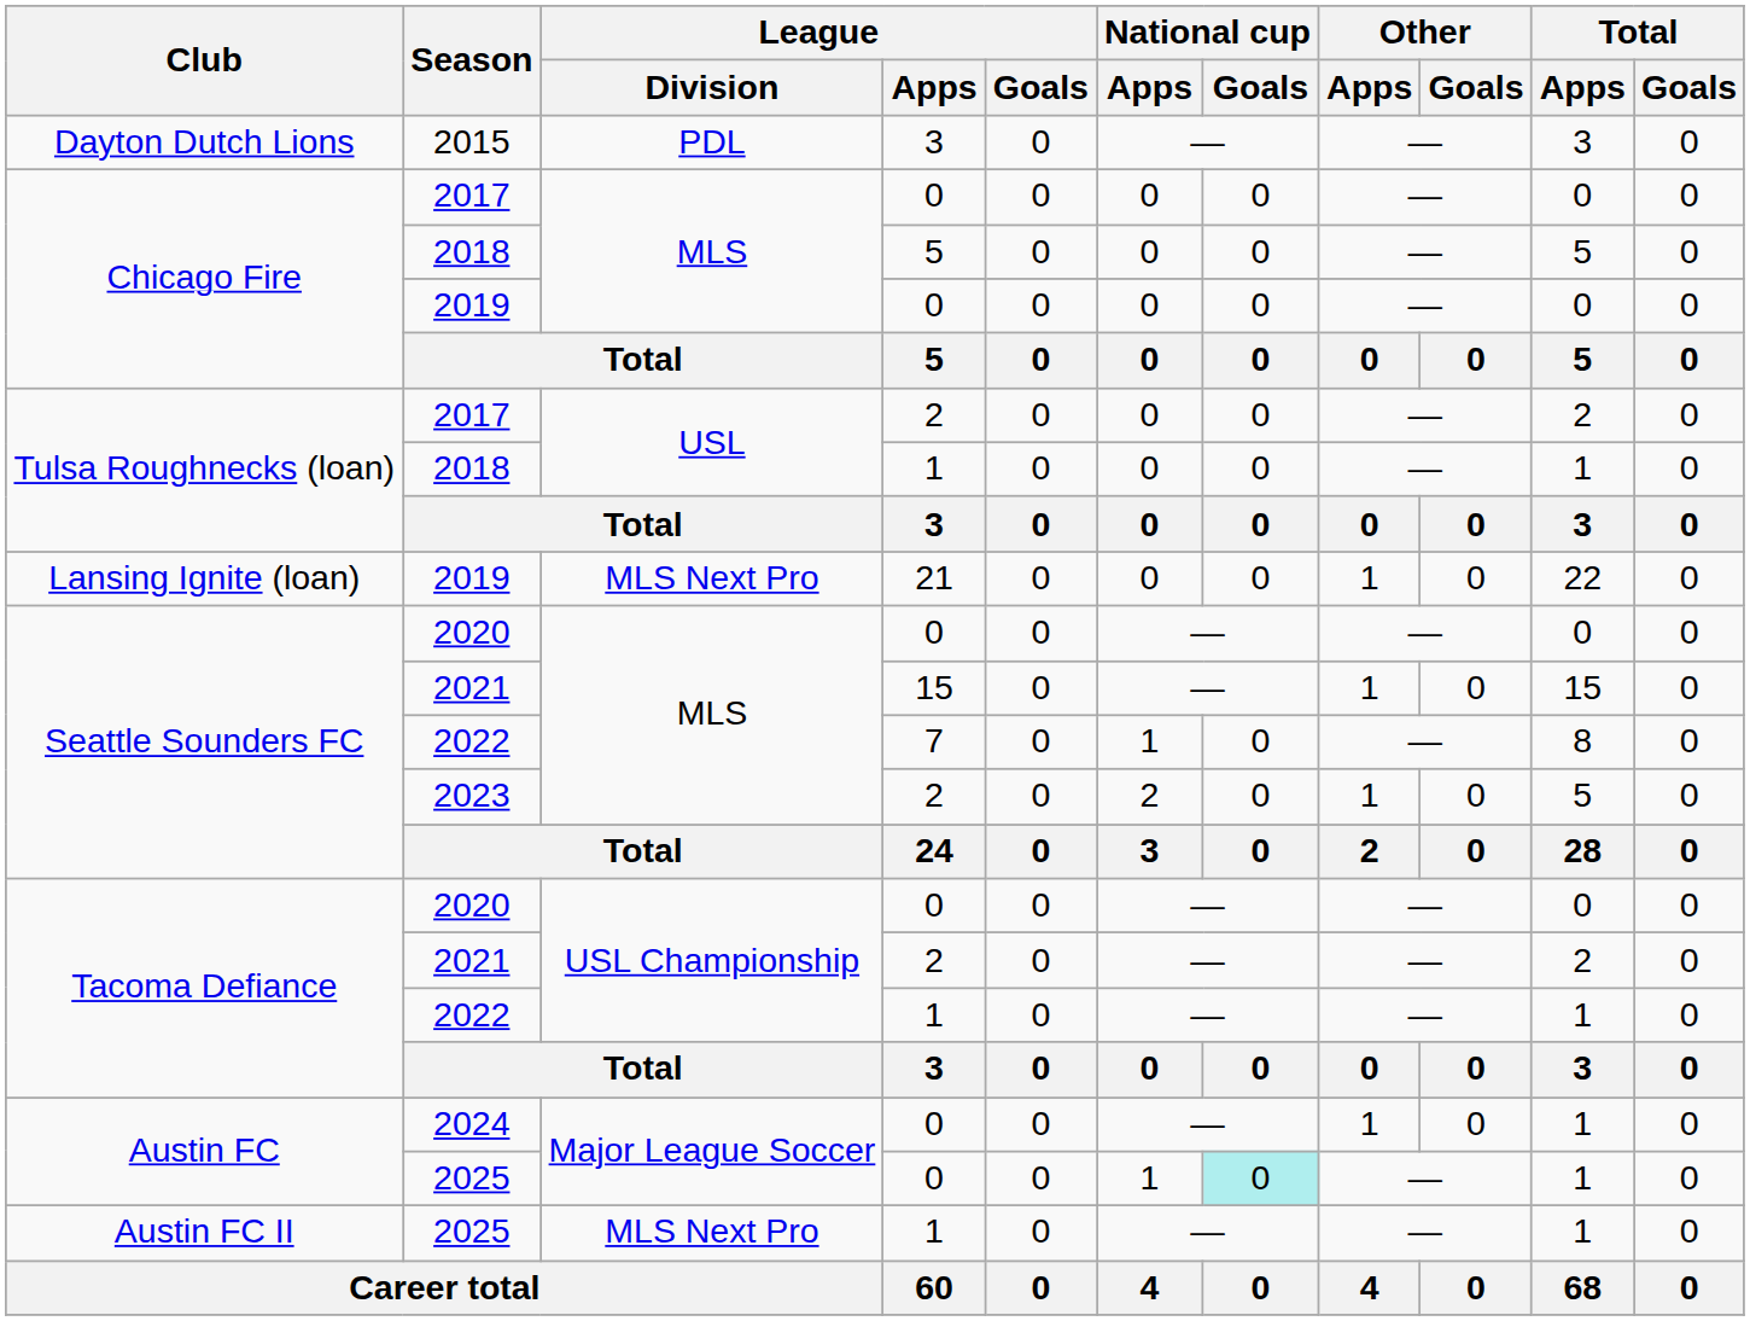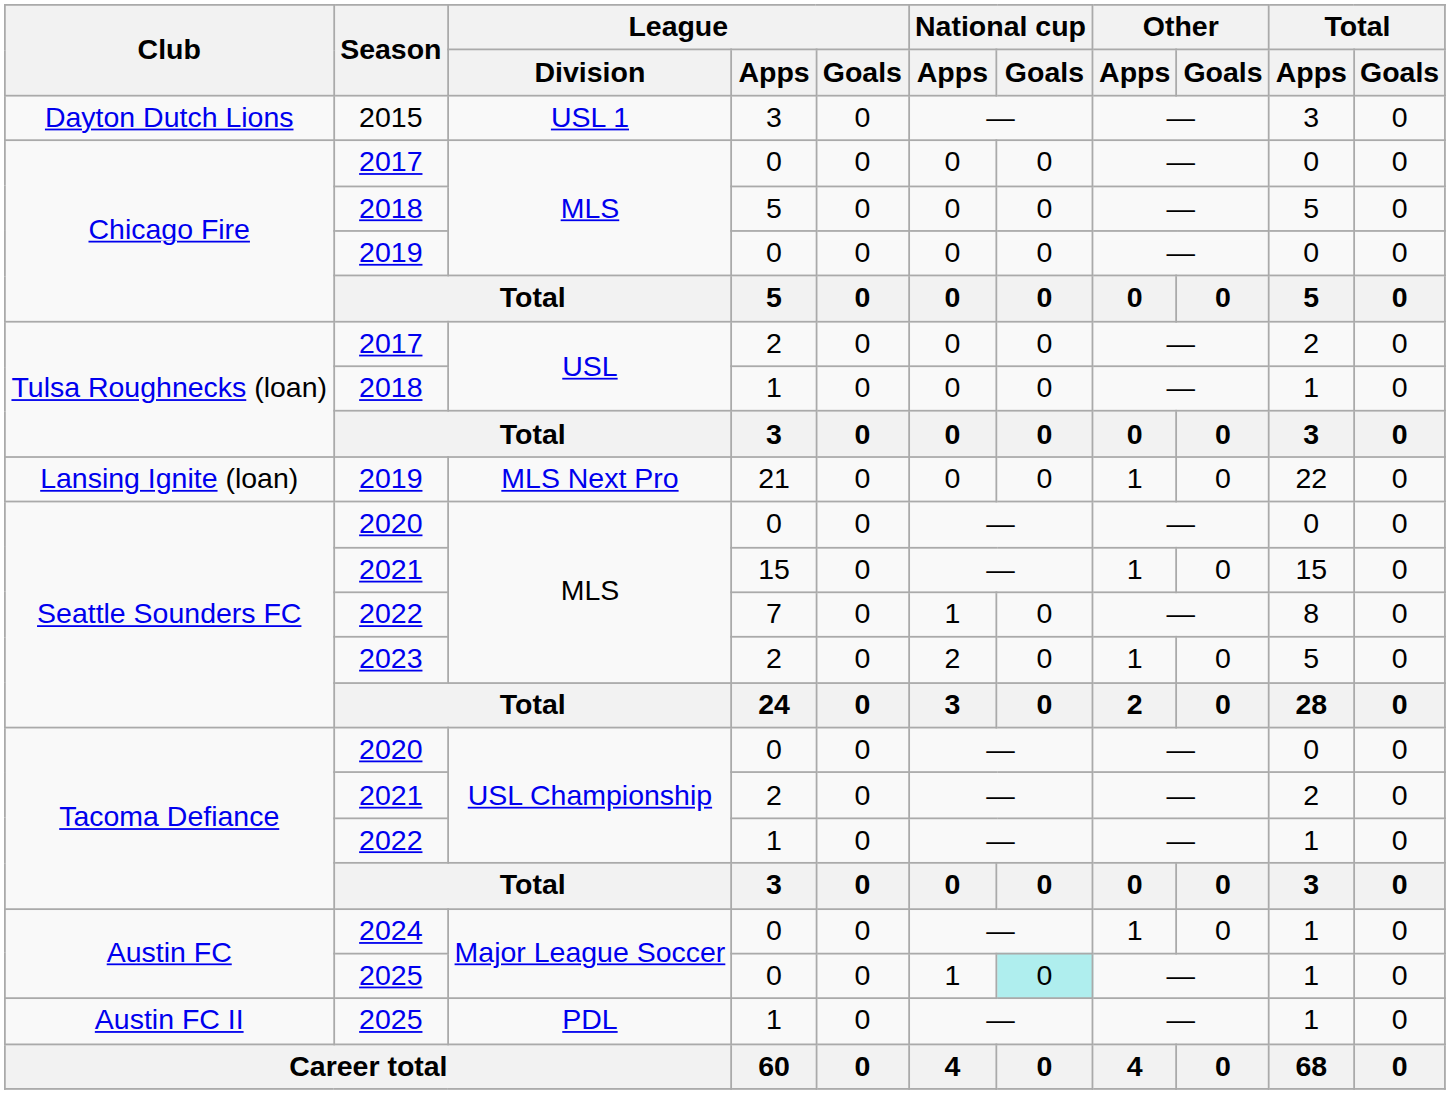 <table class="wikitable" style="text-align:center">
 <tr>
 <th rowspan="2">Club</th>
 <th rowspan="2">Season</th>
 <th colspan="3">League</th>
 <th colspan="2">National cup</th>
 <th colspan="2">Other</th>
 <th colspan="2">Total</th>
 </tr>
 <tr>
 <th>Division</th>
 <th>Apps</th>
 <th>Goals</th>
 <th>Apps</th>
 <th>Goals</th>
 <th>Apps</th>
 <th>Goals</th>
 <th>Apps</th>
 <th>Goals</th>
 </tr>
 <tr>
 <td><a href='#'>Dayton Dutch Lions</a></td>
 <td>2015</td>
-<td><a href='#'>PDL</a></td>
+<td><a href='#'>USL 1</a></td>
 <td>3</td>
 <td>0</td>
 <td colspan="2">—</td>
 <td colspan="2">—</td>
 <td>3</td>
 <td>0</td>
 </tr>
 <tr>
 <td rowspan="4"><a href='#'>Chicago Fire</a></td>
 <td><a href='#'>2017</a></td>
 <td rowspan="3"><a href='#'>MLS</a></td>
 <td>0</td>
 <td>0</td>
 <td>0</td>
 <td>0</td>
 <td colspan="2">—</td>
 <td>0</td>
 <td>0</td>
 </tr>
 <tr>
 <td><a href='#'>2018</a></td>
 <td>5</td>
 <td>0</td>
 <td>0</td>
 <td>0</td>
 <td colspan="2">—</td>
 <td>5</td>
 <td>0</td>
 </tr>
 <tr>
 <td><a href='#'>2019</a></td>
 <td>0</td>
 <td>0</td>
 <td>0</td>
 <td>0</td>
 <td colspan="2">—</td>
 <td>0</td>
 <td>0</td>
 </tr>
 <tr>
 <th colspan="2">Total</th>
 <th>5</th>
 <th>0</th>
 <th>0</th>
 <th>0</th>
 <th>0</th>
 <th>0</th>
 <th>5</th>
 <th>0</th>
 </tr>
 <tr>
 <td rowspan="3"><a href='#'>Tulsa Roughnecks</a> (loan)</td>
 <td><a href='#'>2017</a></td>
 <td rowspan="2"><a href='#'>USL</a></td>
 <td>2</td>
 <td>0</td>
 <td>0</td>
 <td>0</td>
 <td colspan="2">—</td>
 <td>2</td>
 <td>0</td>
 </tr>
 <tr>
 <td><a href='#'>2018</a></td>
 <td>1</td>
 <td>0</td>
 <td>0</td>
 <td>0</td>
 <td colspan="2">—</td>
 <td>1</td>
 <td>0</td>
 </tr>
 <tr>
 <th colspan="2">Total</th>
 <th>3</th>
 <th>0</th>
 <th>0</th>
 <th>0</th>
 <th>0</th>
 <th>0</th>
 <th>3</th>
 <th>0</th>
 </tr>
 <tr>
 <td><a href='#'>Lansing Ignite</a> (loan)</td>
 <td><a href='#'>2019</a></td>
 <td><a href='#'>MLS Next Pro</a></td>
 <td>21</td>
 <td>0</td>
 <td>0</td>
 <td>0</td>
 <td>1</td>
 <td>0</td>
 <td>22</td>
 <td>0</td>
 </tr>
 <tr>
 <td rowspan="5"><a href='#'>Seattle Sounders FC</a></td>
 <td><a href='#'>2020</a></td>
 <td rowspan="4">MLS</td>
 <td>0</td>
 <td>0</td>
 <td colspan="2">—</td>
 <td colspan="2">—</td>
 <td>0</td>
 <td>0</td>
 </tr>
 <tr>
 <td><a href='#'>2021</a></td>
 <td>15</td>
 <td>0</td>
 <td colspan="2">—</td>
 <td>1</td>
 <td>0</td>
 <td>15</td>
 <td>0</td>
 </tr>
 <tr>
 <td><a href='#'>2022</a></td>
 <td>7</td>
 <td>0</td>
 <td>1</td>
 <td>0</td>
 <td colspan="2">—</td>
 <td>8</td>
 <td>0</td>
 </tr>
 <tr>
 <td><a href='#'>2023</a></td>
 <td>2</td>
 <td>0</td>
 <td>2</td>
 <td>0</td>
 <td>1</td>
 <td>0</td>
 <td>5</td>
 <td>0</td>
 </tr>
 <tr>
 <th colspan="2">Total</th>
 <th>24</th>
 <th>0</th>
 <th>3</th>
 <th>0</th>
 <th>2</th>
 <th>0</th>
 <th>28</th>
 <th>0</th>
 </tr>
 <tr>
 <td rowspan="4"><a href='#'>Tacoma Defiance</a></td>
 <td><a href='#'>2020</a></td>
 <td rowspan="3"><a href='#'>USL Championship</a></td>
 <td>0</td>
 <td>0</td>
 <td colspan="2">—</td>
 <td colspan="2">—</td>
 <td>0</td>
 <td>0</td>
 </tr>
 <tr>
 <td><a href='#'>2021</a></td>
 <td>2</td>
 <td>0</td>
 <td colspan="2">—</td>
 <td colspan="2">—</td>
 <td>2</td>
 <td>0</td>
 </tr>
 <tr>
 <td><a href='#'>2022</a></td>
 <td>1</td>
 <td>0</td>
 <td colspan="2">—</td>
 <td colspan="2">—</td>
 <td>1</td>
 <td>0</td>
 </tr>
 <tr>
 <th colspan="2">Total</th>
 <th>3</th>
 <th>0</th>
 <th>0</th>
 <th>0</th>
 <th>0</th>
 <th>0</th>
 <th>3</th>
 <th>0</th>
 </tr>
 <tr>
 <td rowspan=2><a href='#'>Austin FC</a></td>
 <td><a href='#'>2024</a></td>
 <td rowspan=2><a href='#'>Major League Soccer</a></td>
 <td>0</td>
 <td>0</td>
 <td colspan="2">—</td>
 <td>1</td>
 <td>0</td>
 <td>1</td>
 <td>0</td>
 </tr>
 <tr>
 <td><a href='#'>2025</a></td>
 <td>0</td>
 <td>0</td>
 <td>1</td>
 <td style="background: paleturquoise;">0</td>
 <td colspan="2">—</td>
 <td>1</td>
 <td>0</td>
 </tr>
 <tr>
 <td><a href='#'>Austin FC II</a></td>
 <td><a href='#'>2025</a></td>
-<td><a href='#'>MLS Next Pro</a></td>
+<td><a href='#'>PDL</a></td>
 <td>1</td>
 <td>0</td>
 <td colspan="2">—</td>
 <td colspan="2">—</td>
 <td>1</td>
 <td>0</td>
 </tr>
 <tr>
 <th colspan="3">Career total</th>
 <th>60</th>
 <th>0</th>
 <th>4</th>
 <th>0</th>
 <th>4</th>
 <th>0</th>
 <th>68</th>
 <th>0</th>
 </tr>
 </table>
